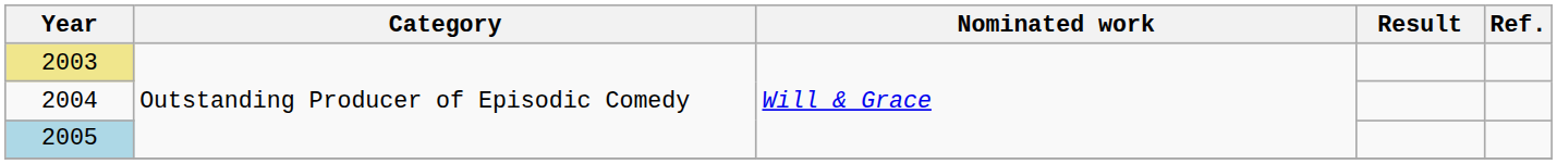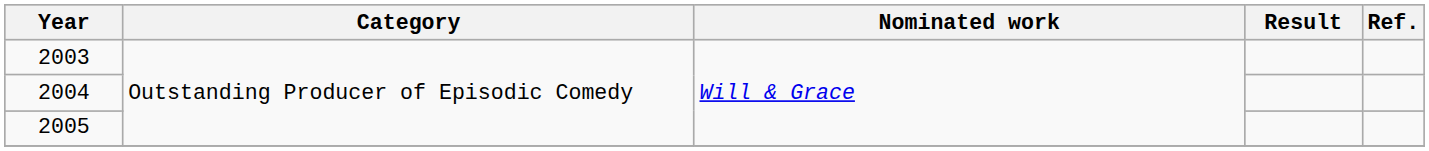 <table class=wikitable>
 <tr>
 <th scope="col" style="width:5em;">Year</th>
 <th scope="col" style="width:26em;">Category</th>
 <th scope="col" style="width:25em;">Nominated work</th>
 <th scope="col" style="width:5em;">Result</th>
 <th>Ref.</th>
 </tr>
 <tr>
-<td style="background: khaki; text-align:center;">2003</td>
+<td style="text-align:center;">2003</td>
 <td rowspan=3>Outstanding Producer of Episodic Comedy</td>
 <td rowspan=3><em><a href='#'>Will & Grace</a></em></td>
 <td></td>
 <td></td>
 </tr>
 <tr>
 <td style="text-align:center;">2004</td>
 <td></td>
 <td></td>
 </tr>
 <tr>
-<td style="background: lightblue; text-align:center;">2005</td>
+<td style="text-align:center;">2005</td>
 <td></td>
 <td></td>
 </tr>
 <tr>
 </tr>
 </table>
